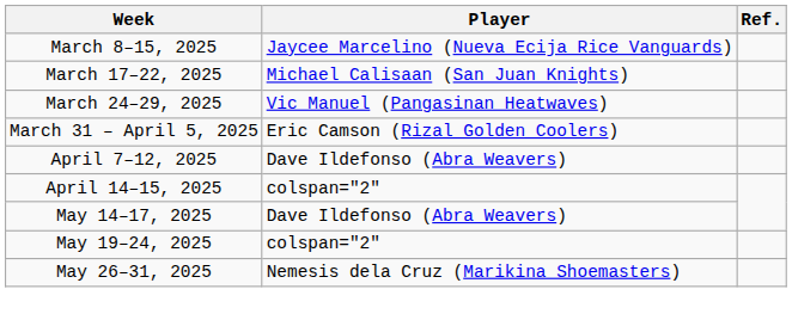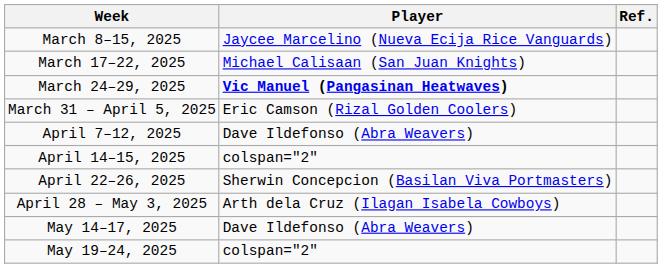 <table class="wikitable">
 <tr>
 <th>Week</th>
 <th>Player</th>
 <th>Ref.</th>
 </tr>
 <tr>
 <td align=center>March 8–15, 2025</td>
 <td><a href='#'>Jaycee Marcelino</a> (<a href='#'>Nueva Ecija Rice Vanguards</a>)</td>
 <td></td>
 </tr>
 <tr>
 <td align=center>March 17–22, 2025</td>
 <td><a href='#'>Michael Calisaan</a> (<a href='#'>San Juan Knights</a>)</td>
 <td></td>
 </tr>
 <tr>
 <td align=center>March 24–29, 2025</td>
-<td><a href='#'>Vic Manuel</a> (<a href='#'>Pangasinan Heatwaves</a>)</td>
+<td><strong><a href='#'>Vic Manuel</a> (<a href='#'>Pangasinan Heatwaves</a>)</strong></td>
 <td></td>
 </tr>
 <tr>
 <td align=center>March 31 – April 5, 2025</td>
 <td>Eric Camson (<a href='#'>Rizal Golden Coolers</a>)</td>
 <td></td>
 </tr>
 <tr>
 <td align=center>April 7–12, 2025</td>
 <td>Dave Ildefonso (<a href='#'>Abra Weavers</a>) </td>
 <td></td>
 </tr>
 <tr>
 <td align=center>April 14–15, 2025</td>
 <td>colspan="2" </td>
 </tr>
 <tr>
+<td align=center>April 22–26, 2025</td>
+<td>Sherwin Concepcion (<a href='#'>Basilan Viva Portmasters</a>)</td>
+<td></td>
+</tr>
+<tr>
+<td align=center>April 28 – May 3, 2025</td>
+<td>Arth dela Cruz (<a href='#'>Ilagan Isabela Cowboys</a>)</td>
+<td></td>
+</tr>
+<tr>
 <td align=center>May 14–17, 2025</td>
 <td>Dave Ildefonso (<a href='#'>Abra Weavers</a>) </td>
 </tr>
 <tr>
 <td align=center>May 19–24, 2025</td>
 <td>colspan="2" </td>
 <td></td>
 </tr>
-<tr>
-<td align=center>May 26–31, 2025</td>
-<td>Nemesis dela Cruz (<a href='#'>Marikina Shoemasters</a>)</td>
-<td></td>
-</tr>
 </table>
